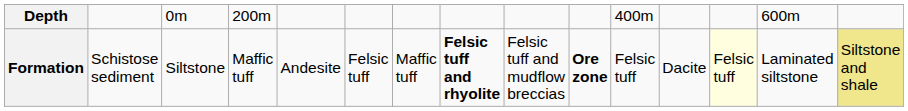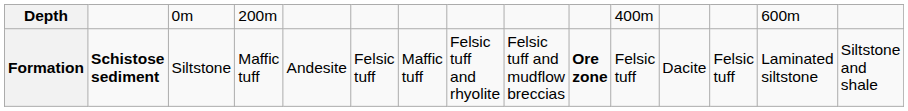 <table class="wikitable">
 <tr>
 <th>Depth</th>
 <td></td>
 <td>0m</td>
 <td>200m</td>
 <td></td>
 <td></td>
 <td></td>
 <td></td>
 <td></td>
 <td></td>
 <td>400m</td>
 <td></td>
 <td></td>
 <td>600m</td>
 <td></td>
 </tr>
 <tr>
 <th>Formation</th>
-<td>Schistose<br>sediment</td>
+<td><strong>Schistose<br>sediment</strong></td>
 <td>Siltstone</td>
 <td>Maffic tuff</td>
 <td>Andesite</td>
 <td>Felsic tuff</td>
 <td>Maffic tuff</td>
-<td><strong>Felsic tuff<br>and rhyolite</strong></td>
+<td>Felsic tuff<br>and rhyolite</td>
 <td>Felsic tuff and<br>mudflow breccias</td>
 <td><strong>Ore zone</strong></td>
 <td>Felsic tuff</td>
 <td>Dacite</td>
-<td style="background: lightyellow;">Felsic tuff</td>
+<td>Felsic tuff</td>
 <td>Laminated siltstone</td>
-<td style="background: khaki;">Siltstone and shale</td>
+<td>Siltstone and shale</td>
 </tr>
 </table>
